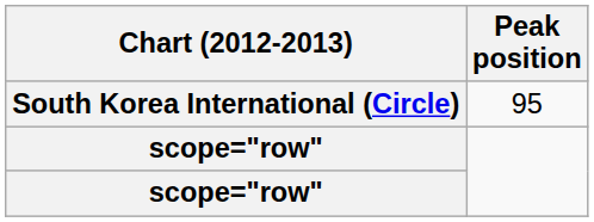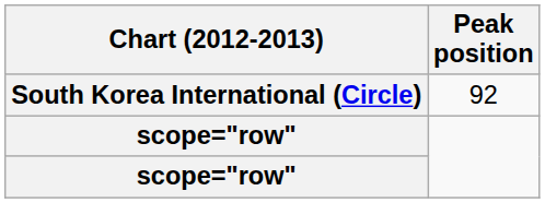 <table class="wikitable sortable plainrowheaders" style="text-align:center">
 <tr>
 <th scope="col">Chart (2012-2013)</th>
 <th scope="col">Peak<br>position</th>
 </tr>
 <tr>
 <th scope="row">South Korea International (<a href='#'>Circle</a>)</th>
-<td>95</td>
+<td>92</td>
 </tr>
 <tr>
 <th>scope="row"</th>
 </tr>
 <tr>
 <th>scope="row"</th>
 </tr>
 </table>
